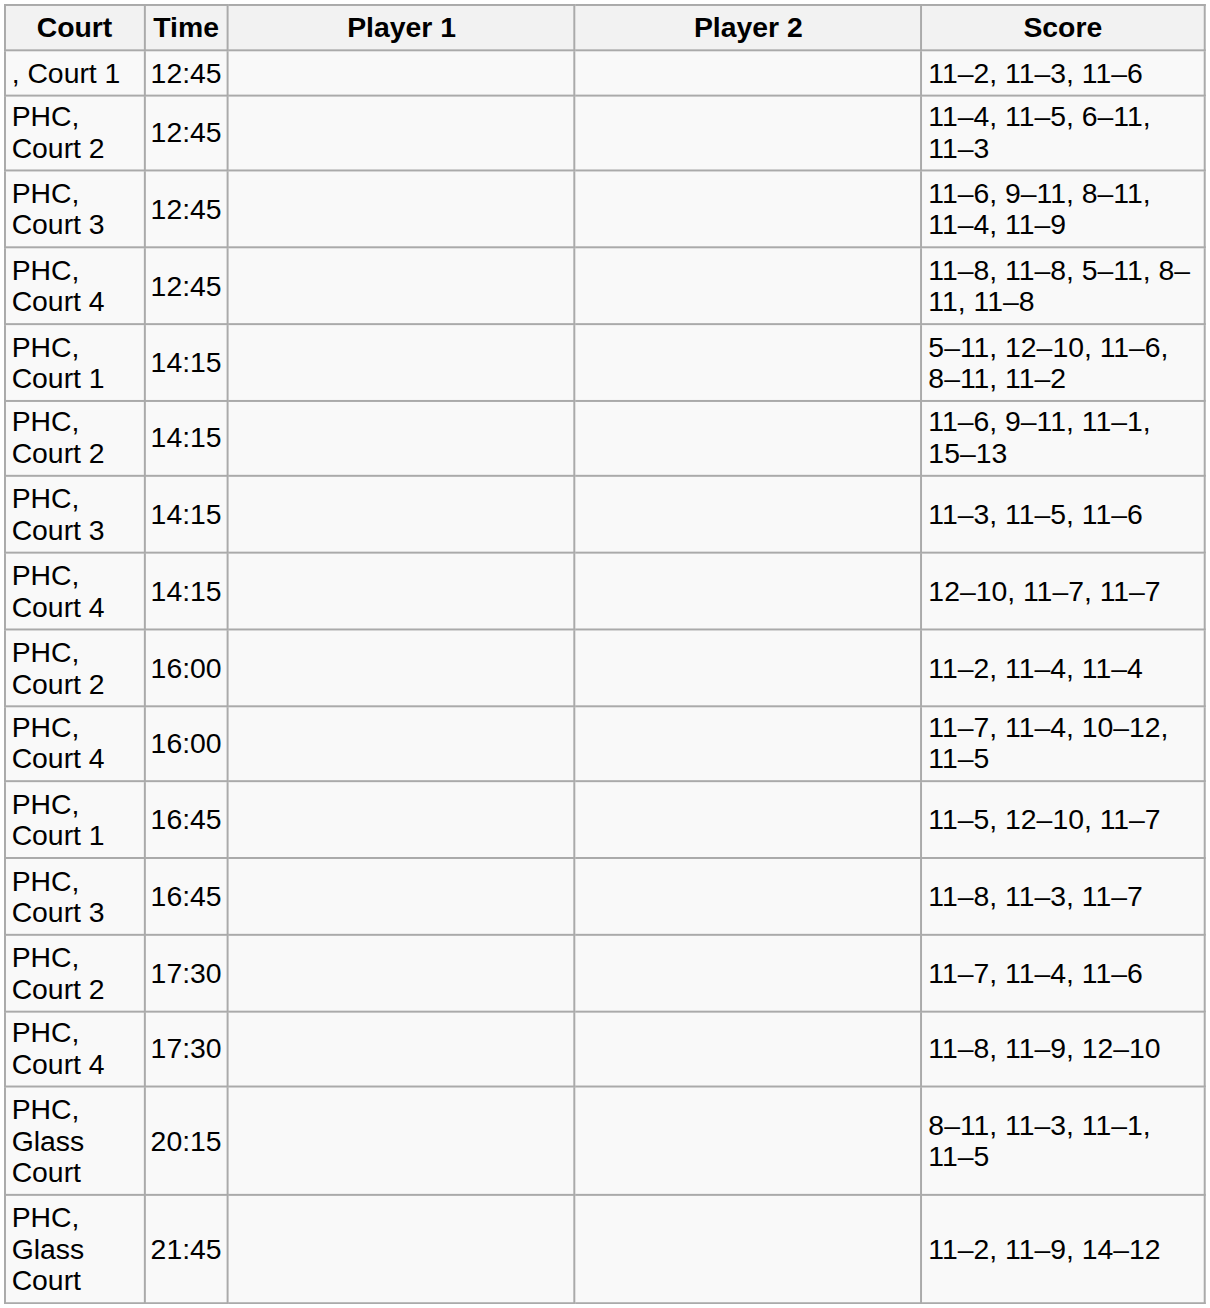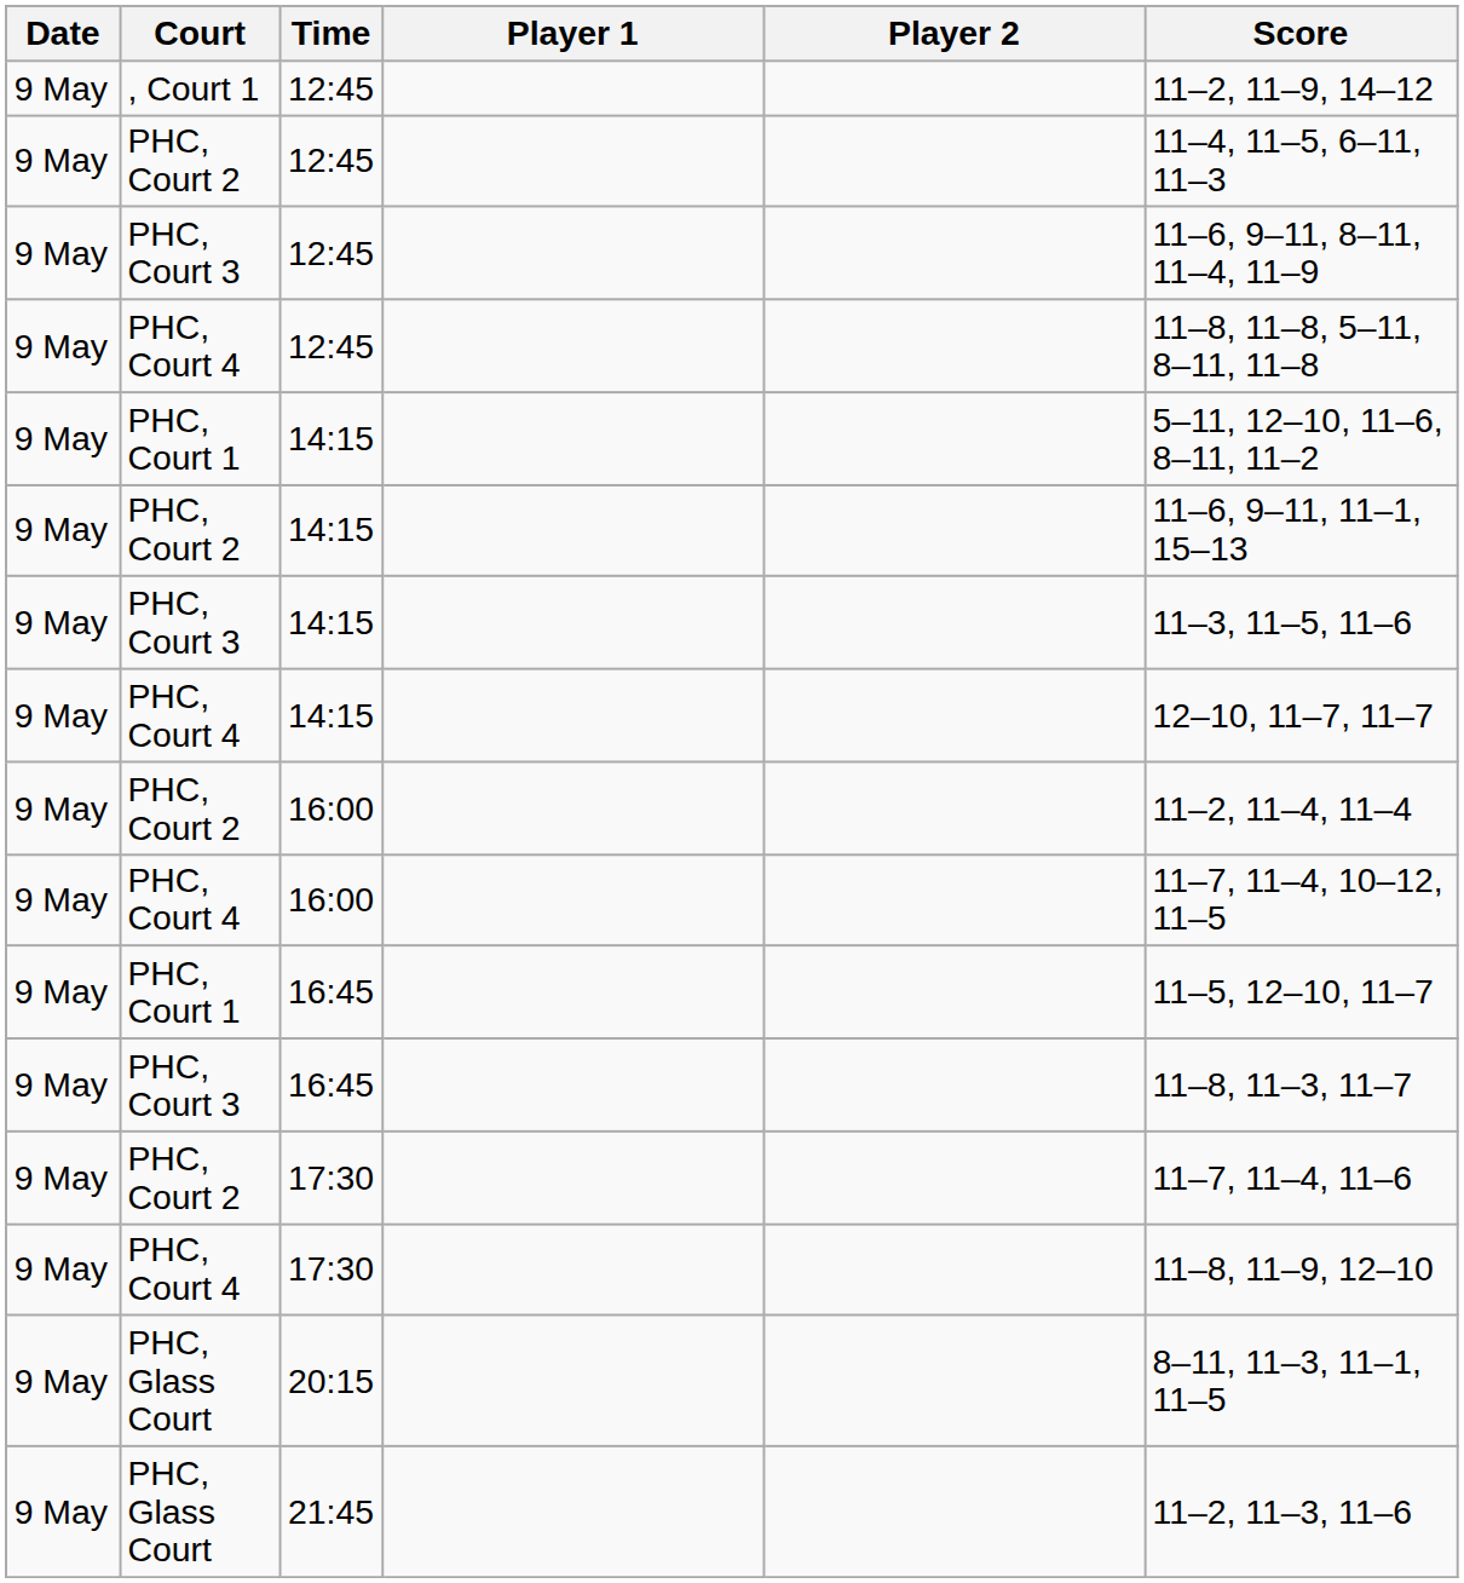 <table class="sortable wikitable" style="font-size:90%">
 <tr>
+<th width="45" class="unsortable">Date</th>
 <th width="70">Court</th>
 <th width="30">Time</th>
 <th width="200">Player 1</th>
 <th width="200">Player 2</th>
 <th width="160" class="unsortable">Score</th>
 </tr>
 <tr>
+<td>9 May</td>
 <td>, Court 1</td>
 <td>12:45</td>
 <td><strong></strong></td>
 <td></td>
-<td>11–2, 11–3, 11–6</td>
+<td>11–2, 11–9, 14–12</td>
 </tr>
 <tr>
+<td>9 May</td>
 <td>PHC, Court 2</td>
 <td>12:45</td>
 <td><strong></strong></td>
 <td></td>
 <td>11–4, 11–5, 6–11, 11–3</td>
 </tr>
 <tr>
+<td>9 May</td>
 <td>PHC, Court 3</td>
 <td>12:45</td>
 <td></td>
 <td><strong></strong></td>
 <td>11–6, 9–11, 8–11, 11–4, 11–9</td>
 </tr>
 <tr>
+<td>9 May</td>
 <td>PHC, Court 4</td>
 <td>12:45</td>
 <td></td>
 <td></td>
 <td>11–8, 11–8, 5–11, 8–11, 11–8</td>
 </tr>
 <tr>
+<td>9 May</td>
 <td>PHC, Court 1</td>
 <td>14:15</td>
 <td></td>
 <td><strong></strong></td>
 <td>5–11, 12–10, 11–6, 8–11, 11–2</td>
 </tr>
 <tr>
+<td>9 May</td>
 <td>PHC, Court 2</td>
 <td>14:15</td>
 <td></td>
 <td><strong></strong></td>
 <td>11–6, 9–11, 11–1, 15–13</td>
 </tr>
 <tr>
+<td>9 May</td>
 <td>PHC, Court 3</td>
 <td>14:15</td>
 <td></td>
 <td><strong></strong></td>
 <td>11–3, 11–5, 11–6</td>
 </tr>
 <tr>
+<td>9 May</td>
 <td>PHC, Court 4</td>
 <td>14:15</td>
 <td><strong></strong></td>
 <td></td>
 <td>12–10, 11–7, 11–7</td>
 </tr>
 <tr>
+<td>9 May</td>
 <td>PHC, Court 2</td>
 <td>16:00</td>
 <td><strong></strong></td>
 <td></td>
 <td>11–2, 11–4, 11–4</td>
 </tr>
 <tr>
+<td>9 May</td>
 <td>PHC, Court 4</td>
 <td>16:00</td>
 <td><strong></strong></td>
 <td></td>
 <td>11–7, 11–4, 10–12, 11–5</td>
 </tr>
 <tr>
+<td>9 May</td>
 <td>PHC, Court 1</td>
 <td>16:45</td>
 <td><strong></strong></td>
 <td></td>
 <td>11–5, 12–10, 11–7</td>
 </tr>
 <tr>
+<td>9 May</td>
 <td>PHC, Court 3</td>
 <td>16:45</td>
 <td><strong></strong></td>
 <td></td>
 <td>11–8, 11–3, 11–7</td>
 </tr>
 <tr>
+<td>9 May</td>
 <td>PHC, Court 2</td>
 <td>17:30</td>
 <td><strong></strong></td>
 <td></td>
 <td>11–7, 11–4, 11–6</td>
 </tr>
 <tr>
+<td>9 May</td>
 <td>PHC, Court 4</td>
 <td>17:30</td>
 <td><strong></strong></td>
 <td></td>
 <td>11–8, 11–9, 12–10</td>
 </tr>
 <tr>
+<td>9 May</td>
 <td>PHC, Glass Court</td>
 <td>20:15</td>
 <td><strong></strong></td>
 <td></td>
 <td>8–11, 11–3, 11–1, 11–5</td>
 </tr>
 <tr>
+<td>9 May</td>
 <td>PHC, Glass Court</td>
 <td>21:45</td>
 <td></td>
 <td><strong></strong></td>
-<td>11–2, 11–9, 14–12</td>
+<td>11–2, 11–3, 11–6</td>
 </tr>
 </table>
